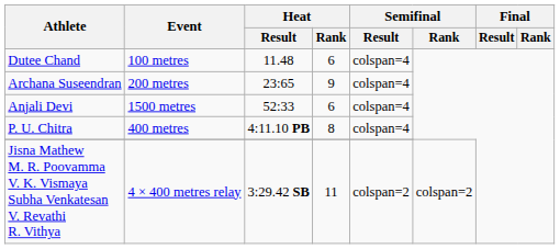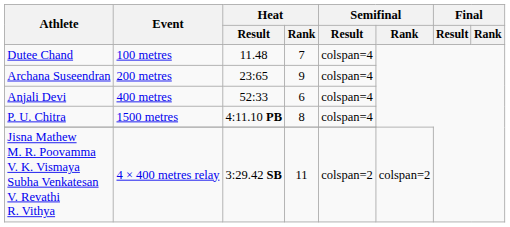 <table class="wikitable" style="font-size:90%">
 <tr>
 <th rowspan="2">Athlete</th>
 <th rowspan="2">Event</th>
 <th colspan="2">Heat</th>
 <th colspan="2">Semifinal</th>
 <th colspan="2">Final</th>
 </tr>
 <tr style="font-size:95%">
 <th>Result</th>
 <th>Rank</th>
 <th>Result</th>
 <th>Rank</th>
 <th>Result</th>
 <th>Rank</th>
 </tr>
 <tr style=text-align:center>
 <td style=text-align:left><a href='#'>Dutee Chand</a></td>
 <td style=text-align:left><a href='#'>100 metres</a></td>
 <td>11.48</td>
-<td>6</td>
+<td>7</td>
 <td>colspan=4 </td>
 </tr>
 <tr style=text-align:center>
 <td style=text-align:left><a href='#'>Archana Suseendran</a></td>
 <td style=text-align:left><a href='#'>200 metres</a></td>
 <td>23:65</td>
 <td>9</td>
 <td>colspan=4 </td>
 </tr>
 <tr style=text-align:center>
 <td style=text-align:left><a href='#'>Anjali Devi</a></td>
-<td style=text-align:left><a href='#'>1500 metres</a></td>
+<td style=text-align:left><a href='#'>400 metres</a></td>
 <td>52:33</td>
 <td>6</td>
 <td>colspan=4 </td>
 </tr>
 <tr style=text-align:center>
 <td style=text-align:left><a href='#'>P. U. Chitra</a></td>
-<td style=text-align:left><a href='#'>400 metres</a></td>
+<td style=text-align:left><a href='#'>1500 metres</a></td>
 <td>4:11.10 <strong>PB</strong></td>
 <td>8</td>
 <td>colspan=4 </td>
 </tr>
 <tr style=text-align:center>
 </tr>
 <tr style=text-align:center>
 <td style=text-align:left><a href='#'>Jisna Mathew</a><br><a href='#'>M. R. Poovamma</a><br><a href='#'>V. K. Vismaya</a><br><a href='#'>Subha Venkatesan</a><br><a href='#'>V. Revathi</a><br><a href='#'>R. Vithya</a></td>
 <td style=text-align:left><a href='#'>4 × 400 metres relay</a></td>
 <td>3:29.42 <strong>SB</strong></td>
 <td>11</td>
 <td>colspan=2 </td>
 <td>colspan=2 </td>
 </tr>
 </table>
